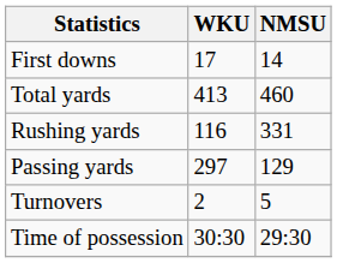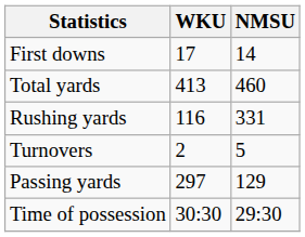 <table class="wikitable" style="float: left;">
 <tr>
 <th>Statistics</th>
 <th>WKU</th>
 <th>NMSU</th>
 </tr>
 <tr>
 <td>First downs</td>
 <td>17</td>
 <td>14</td>
 </tr>
 <tr>
 <td>Total yards</td>
 <td>413</td>
 <td>460</td>
 </tr>
 <tr>
 <td>Rushing yards</td>
 <td>116</td>
 <td>331</td>
 </tr>
 <tr>
+<td>Turnovers</td>
+<td>2</td>
+<td>5</td>
+</tr>
+<tr>
 <td>Passing yards</td>
 <td>297</td>
 <td>129</td>
-</tr>
-<tr>
-<td>Turnovers</td>
-<td>2</td>
-<td>5</td>
 </tr>
 <tr>
 <td>Time of possession</td>
 <td>30:30</td>
 <td>29:30</td>
 </tr>
 <tr>
 </tr>
 </table>
